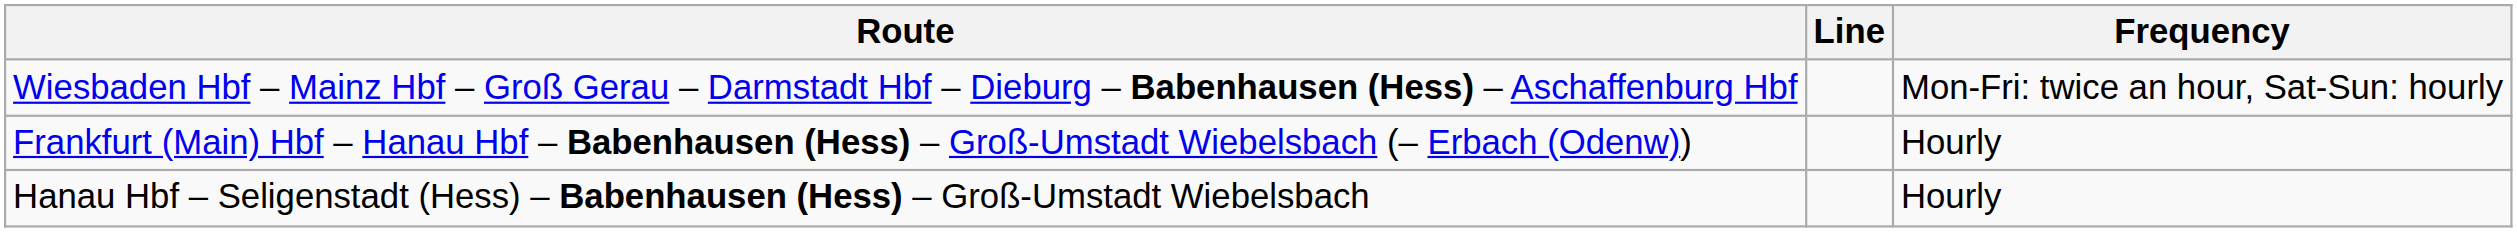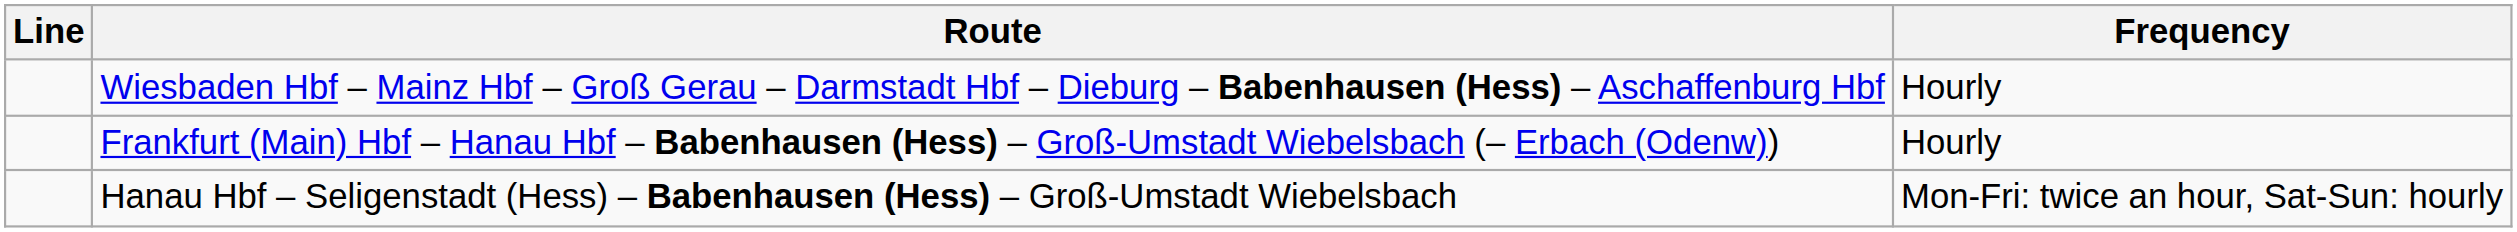 <table class="wikitable">
 <tr>
+<th>Line</th>
 <th>Route</th>
-<th>Line</th>
 <th>Frequency</th>
 </tr>
 <tr>
+<td></td>
 <td><a href='#'>Wiesbaden Hbf</a> – <a href='#'>Mainz Hbf</a> – <a href='#'>Groß Gerau</a> – <a href='#'>Darmstadt Hbf</a> – <a href='#'>Dieburg</a> – <strong>Babenhausen (Hess)</strong> – <a href='#'> Aschaffenburg Hbf</a></td>
-<td></td>
-<td>Mon-Fri: twice an hour, Sat-Sun: hourly</td>
-</tr>
-<tr>
-<td><a href='#'>Frankfurt (Main) Hbf</a> – <a href='#'>Hanau Hbf</a> – <strong>Babenhausen (Hess)</strong> – <a href='#'>Groß-Umstadt Wiebelsbach</a> (– <a href='#'>Erbach (Odenw)</a>)</td>
-<td></td>
 <td>Hourly</td>
 </tr>
 <tr>
-<td>Hanau Hbf – Seligenstadt (Hess) – <strong>Babenhausen (Hess)</strong> – Groß-Umstadt Wiebelsbach</td>
 <td></td>
+<td><a href='#'>Frankfurt (Main) Hbf</a> – <a href='#'>Hanau Hbf</a> – <strong>Babenhausen (Hess)</strong> – <a href='#'>Groß-Umstadt Wiebelsbach</a> (– <a href='#'>Erbach (Odenw)</a>)</td>
 <td>Hourly</td>
 </tr>
+<tr>
+<td></td>
+<td>Hanau Hbf – Seligenstadt (Hess) – <strong>Babenhausen (Hess)</strong> – Groß-Umstadt Wiebelsbach</td>
+<td>Mon-Fri: twice an hour, Sat-Sun: hourly</td>
+</tr>
 </table>
